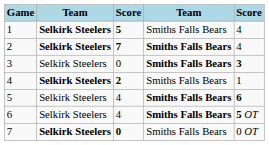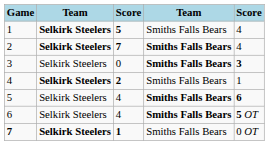 <table class="wikitable">
 <tr>
 <th style="background:lightblue;">Game</th>
 <th style="background:lightblue;">Team</th>
 <th style="background:lightblue;">Score</th>
 <th style="background:lightblue;">Team</th>
 <th style="background:lightblue;">Score</th>
 </tr>
 <tr bgcolor=>
 <td>1</td>
 <td><strong>Selkirk Steelers</strong></td>
 <td><strong>5</strong></td>
 <td>Smiths Falls Bears</td>
 <td>4</td>
 </tr>
 <tr bgcolor=>
 <td>2</td>
 <td><strong>Selkirk Steelers</strong></td>
 <td><strong>7</strong></td>
 <td><strong>Smiths Falls Bears</strong></td>
 <td>4</td>
 </tr>
 <tr bgcolor=>
 <td>3</td>
 <td>Selkirk Steelers</td>
 <td>0</td>
 <td><strong>Smiths Falls Bears</strong></td>
 <td><strong>3</strong></td>
 </tr>
 <tr bgcolor=>
 <td>4</td>
 <td><strong>Selkirk Steelers</strong></td>
 <td><strong>2</strong></td>
 <td>Smiths Falls Bears</td>
 <td>1</td>
 </tr>
 <tr bgcolor=>
 <td>5</td>
 <td>Selkirk Steelers</td>
 <td>4</td>
 <td><strong>Smiths Falls Bears</strong></td>
 <td><strong>6</strong></td>
 </tr>
 <tr bgcolor=>
 <td>6</td>
 <td>Selkirk Steelers</td>
 <td>4</td>
 <td><strong>Smiths Falls Bears</strong></td>
 <td><strong>5</strong> <em>OT</em></td>
 </tr>
 <tr bgcolor=>
-<td>7</td>
+<td><strong>7</strong></td>
 <td><strong>Selkirk Steelers</strong></td>
-<td><strong>0</strong></td>
+<td><strong>1</strong></td>
 <td>Smiths Falls Bears</td>
 <td>0 <em>OT</em></td>
 </tr>
 </table>
